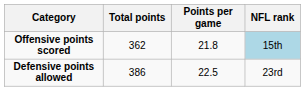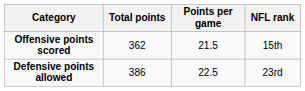 <table class="wikitable" style="text-align:center">
 <tr>
 <th width="150">Category</th>
 <th width="100">Total points</th>
 <th width="110">Points per game</th>
 <th width="80">NFL rank<br></th>
 </tr>
 <tr>
 <td><strong>Offensive points scored</strong></td>
 <td>362</td>
-<td>21.8</td>
-<td style="background: lightblue;">15th</td>
+<td>21.5</td>
+<td>15th</td>
 </tr>
 <tr>
 <td><strong>Defensive points allowed</strong></td>
 <td>386</td>
 <td>22.5</td>
 <td>23rd</td>
 </tr>
 </table>
